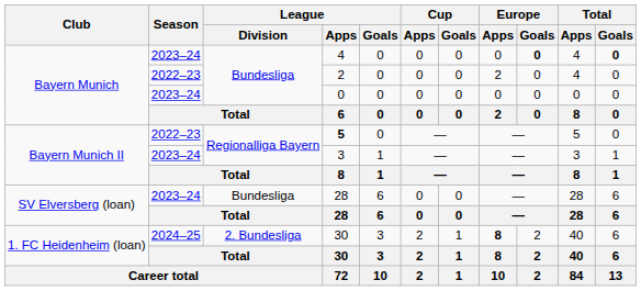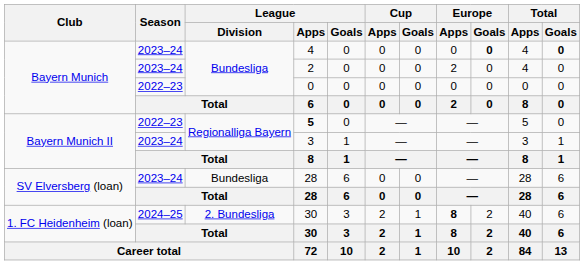 <table class="wikitable" style="text-align:center">
 <tr>
 <th rowspan="2">Club</th>
 <th rowspan="2">Season</th>
 <th colspan="3">League</th>
 <th colspan="2">Cup</th>
 <th colspan="2">Europe</th>
 <th colspan="2">Total</th>
 </tr>
 <tr>
 <th>Division</th>
 <th>Apps</th>
 <th>Goals</th>
 <th>Apps</th>
 <th>Goals</th>
 <th>Apps</th>
 <th>Goals</th>
 <th>Apps</th>
 <th>Goals</th>
 </tr>
 <tr>
 <td rowspan="4"><a href='#'>Bayern Munich</a></td>
 <td><a href='#'>2023–24</a></td>
 <td rowspan="3"><a href='#'>Bundesliga</a></td>
 <td>4</td>
 <td>0</td>
 <td>0</td>
 <td>0</td>
 <td>0</td>
 <td><strong>0</strong></td>
 <td>4</td>
 <td><strong>0</strong></td>
 </tr>
 <tr>
-<td><a href='#'>2022–23</a></td>
+<td><a href='#'>2023–24</a></td>
 <td>2</td>
 <td>0</td>
 <td>0</td>
 <td>0</td>
 <td>2</td>
 <td>0</td>
 <td>4</td>
 <td>0</td>
 </tr>
 <tr>
-<td><a href='#'>2023–24</a></td>
+<td><a href='#'>2022–23</a></td>
 <td>0</td>
 <td>0</td>
 <td>0</td>
 <td>0</td>
 <td>0</td>
 <td>0</td>
 <td>0</td>
 <td>0</td>
 </tr>
 <tr>
 <th colspan="2">Total</th>
 <th>6</th>
 <th>0</th>
 <th>0</th>
 <th>0</th>
 <th>2</th>
 <th>0</th>
 <th>8</th>
 <th>0</th>
 </tr>
 <tr>
 <td rowspan="3"><a href='#'>Bayern Munich II</a></td>
 <td><a href='#'>2022–23</a></td>
 <td rowspan="2"><a href='#'>Regionalliga Bayern</a></td>
 <td><strong>5</strong></td>
 <td>0</td>
 <td colspan="2">—</td>
 <td colspan="2">—</td>
 <td>5</td>
 <td>0</td>
 </tr>
 <tr>
 <td><a href='#'>2023–24</a></td>
 <td>3</td>
 <td>1</td>
 <td colspan="2">—</td>
 <td colspan="2">—</td>
 <td>3</td>
 <td>1</td>
 </tr>
 <tr>
 <th colspan="2">Total</th>
 <th>8</th>
 <th>1</th>
 <th colspan="2">—</th>
 <th colspan="2">—</th>
 <th>8</th>
 <th>1</th>
 </tr>
 <tr>
 <td rowspan="2"><a href='#'>SV Elversberg</a> (loan)</td>
 <td><a href='#'>2023–24</a></td>
 <td>Bundesliga</td>
 <td>28</td>
 <td>6</td>
 <td>0</td>
 <td>0</td>
 <td colspan="2">—</td>
 <td>28</td>
 <td>6</td>
 </tr>
 <tr>
 <th colspan="2">Total</th>
 <th>28</th>
 <th>6</th>
 <th>0</th>
 <th>0</th>
 <th colspan="2">—</th>
 <th>28</th>
 <th>6</th>
 </tr>
 <tr>
 <td rowspan="2"><a href='#'>1. FC Heidenheim</a> (loan)</td>
 <td><a href='#'>2024–25</a></td>
 <td><a href='#'>2. Bundesliga</a></td>
 <td>30</td>
 <td>3</td>
 <td>2</td>
 <td>1</td>
 <td><strong>8</strong></td>
 <td>2</td>
 <td>40</td>
 <td>6</td>
 </tr>
 <tr>
 <th colspan="2">Total</th>
 <th>30</th>
 <th>3</th>
 <th>2</th>
 <th>1</th>
 <th>8</th>
 <th>2</th>
 <th>40</th>
 <th>6</th>
 </tr>
 <tr>
 <th colspan="3">Career total</th>
 <th>72</th>
 <th>10</th>
 <th>2</th>
 <th>1</th>
 <th>10</th>
 <th>2</th>
 <th>84</th>
 <th>13</th>
 </tr>
 </table>
